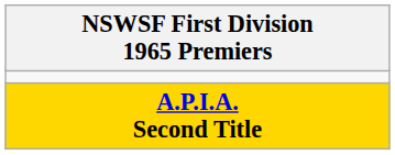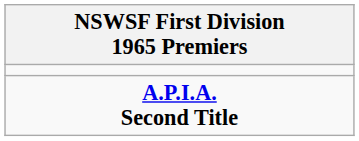 <table class="wikitable" style="text-align: center; margin: 0 auto; width: 20%">
 <tr>
 <th>NSWSF First Division<br>1965 Premiers</th>
 </tr>
 <tr>
 <td></td>
 </tr>
 <tr>
-<td style="background: gold;"><strong><a href='#'>A.P.I.A.</a></strong><br><strong>Second Title</strong></td>
+<td><strong><a href='#'>A.P.I.A.</a></strong><br><strong>Second Title</strong></td>
 </tr>
 </table>
